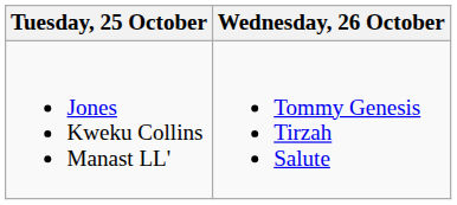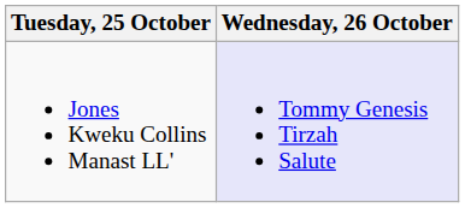 <table class="wikitable">
 <tr>
 <th>Tuesday, 25 October</th>
 <th>Wednesday, 26 October</th>
 </tr>
 <tr valign="top">
 <td><br><ul><li><a href='#'>Jones</a></li><li>Kweku Collins</li><li>Manast LL'</li></ul></td>
-<td><br><ul><li><a href='#'>Tommy Genesis</a></li><li><a href='#'>Tirzah</a></li><li><a href='#'>Salute</a></li></ul></td>
+<td style="background: lavender;"><br><ul><li><a href='#'>Tommy Genesis</a></li><li><a href='#'>Tirzah</a></li><li><a href='#'>Salute</a></li></ul></td>
 </tr>
 </table>
